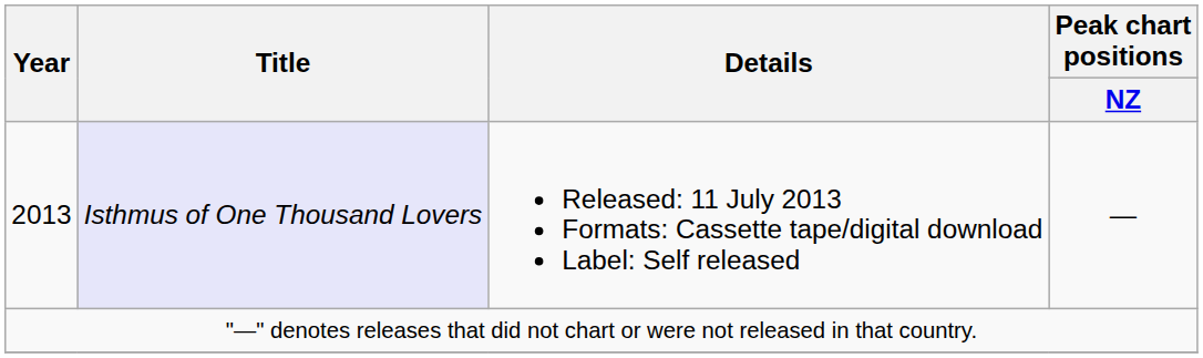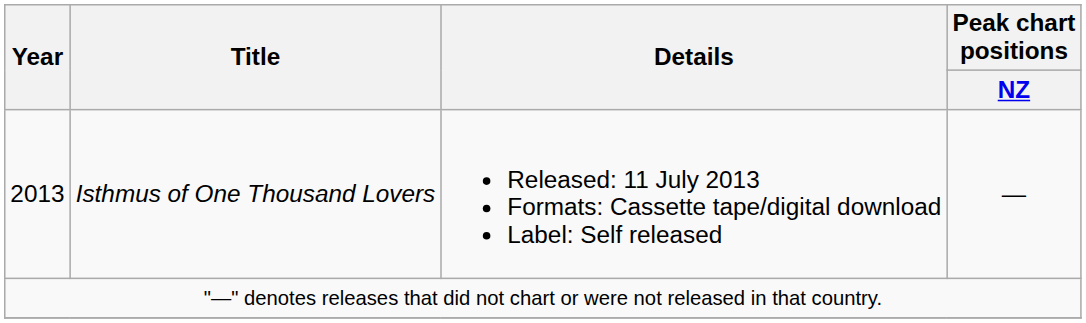 <table class="wikitable plainrowheaders">
 <tr>
 <th rowspan="2">Year</th>
 <th rowspan="2">Title</th>
 <th rowspan="2">Details</th>
 <th>Peak chart<br>positions</th>
 </tr>
 <tr>
 <th><a href='#'>NZ</a></th>
 </tr>
 <tr>
 <td>2013</td>
-<td style="background: lavender;"><em>Isthmus of One Thousand Lovers</em></td>
+<td><em>Isthmus of One Thousand Lovers</em></td>
 <td><br><ul><li>Released: 11 July 2013</li><li>Formats: Cassette tape/digital download</li><li>Label: Self released</li></ul></td>
 <td align=center>—</td>
 </tr>
 <tr>
 <td align=center colspan=4><small>"—" denotes releases that did not chart or were not released in that country.</small></td>
 </tr>
 <tr>
 </tr>
 </table>
